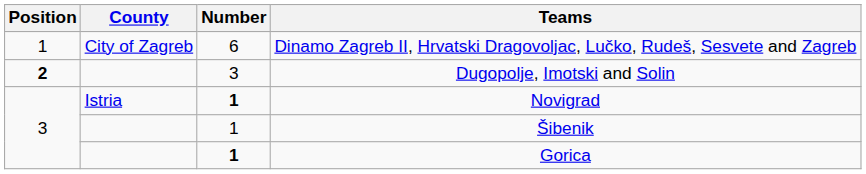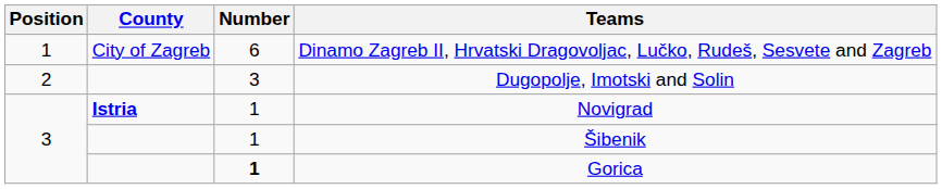 <table class="wikitable">
 <tr>
 <th>Position</th>
 <th><a href='#'>County</a></th>
 <th>Number</th>
 <th>Teams</th>
 </tr>
 <tr>
 <td align=center>1</td>
 <td><a href='#'> City of Zagreb</a></td>
 <td align=center>6</td>
 <td align=center><a href='#'>Dinamo Zagreb II</a>, <a href='#'>Hrvatski Dragovoljac</a>, <a href='#'>Lučko</a>, <a href='#'>Rudeš</a>, <a href='#'>Sesvete</a> and <a href='#'>Zagreb</a></td>
 </tr>
 <tr>
-<td align=center><strong>2</strong></td>
+<td align=center>2</td>
 <td></td>
 <td align=center>3</td>
 <td align=center><a href='#'>Dugopolje</a>, <a href='#'>Imotski</a> and <a href='#'>Solin</a></td>
 </tr>
 <tr>
 <td align=center rowspan="3">3</td>
-<td><a href='#'> Istria</a></td>
-<td align=center><strong>1</strong></td>
+<td><strong><a href='#'> Istria</a></strong></td>
+<td align=center>1</td>
 <td align=center><a href='#'>Novigrad</a></td>
 </tr>
 <tr>
 <td></td>
 <td align=center>1</td>
 <td align=center><a href='#'>Šibenik</a></td>
 </tr>
 <tr>
 <td></td>
 <td align=center><strong>1</strong></td>
 <td align=center><a href='#'>Gorica</a></td>
 </tr>
 </table>
